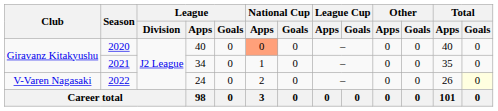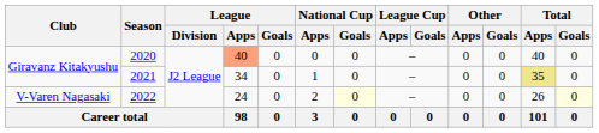 <table class="wikitable" style="text-align: center">
 <tr>
 <th rowspan="2">Club</th>
 <th rowspan="2">Season</th>
 <th colspan="3">League</th>
 <th colspan="2">National Cup</th>
 <th colspan="2">League Cup</th>
 <th colspan="2">Other</th>
 <th colspan="2">Total</th>
 </tr>
 <tr>
 <th>Division</th>
 <th>Apps</th>
 <th>Goals</th>
 <th>Apps</th>
 <th>Goals</th>
 <th>Apps</th>
 <th>Goals</th>
 <th>Apps</th>
 <th>Goals</th>
 <th>Apps</th>
 <th>Goals</th>
 </tr>
 <tr>
 <td rowspan="2"><a href='#'>Giravanz Kitakyushu</a></td>
 <td><a href='#'>2020</a></td>
 <td rowspan="3"><a href='#'>J2 League</a></td>
-<td>40</td>
+<td style="background: lightsalmon;">40</td>
 <td>0</td>
-<td style="background: lightsalmon;">0</td>
+<td>0</td>
 <td>0</td>
 <td colspan="2">–</td>
 <td>0</td>
 <td>0</td>
 <td>40</td>
 <td>0</td>
 </tr>
 <tr>
 <td><a href='#'>2021</a></td>
 <td>34</td>
 <td>0</td>
 <td>1</td>
 <td>0</td>
 <td colspan="2">–</td>
 <td>0</td>
 <td>0</td>
-<td>35</td>
+<td style="background: khaki;">35</td>
 <td>0</td>
 </tr>
 <tr>
 <td><a href='#'>V-Varen Nagasaki</a></td>
 <td><a href='#'>2022</a></td>
 <td>24</td>
 <td>0</td>
 <td>2</td>
-<td>0</td>
+<td style="background: lightyellow;">0</td>
 <td colspan="2">–</td>
 <td>0</td>
 <td>0</td>
 <td>26</td>
 <td style="background: lightyellow;">0</td>
 </tr>
 <tr>
 <th colspan="3">Career total</th>
 <th>98</th>
 <th>0</th>
 <th>3</th>
 <th>0</th>
 <th>0</th>
 <th>0</th>
 <th>0</th>
 <th>0</th>
 <th>101</th>
 <th>0</th>
 </tr>
 </table>
